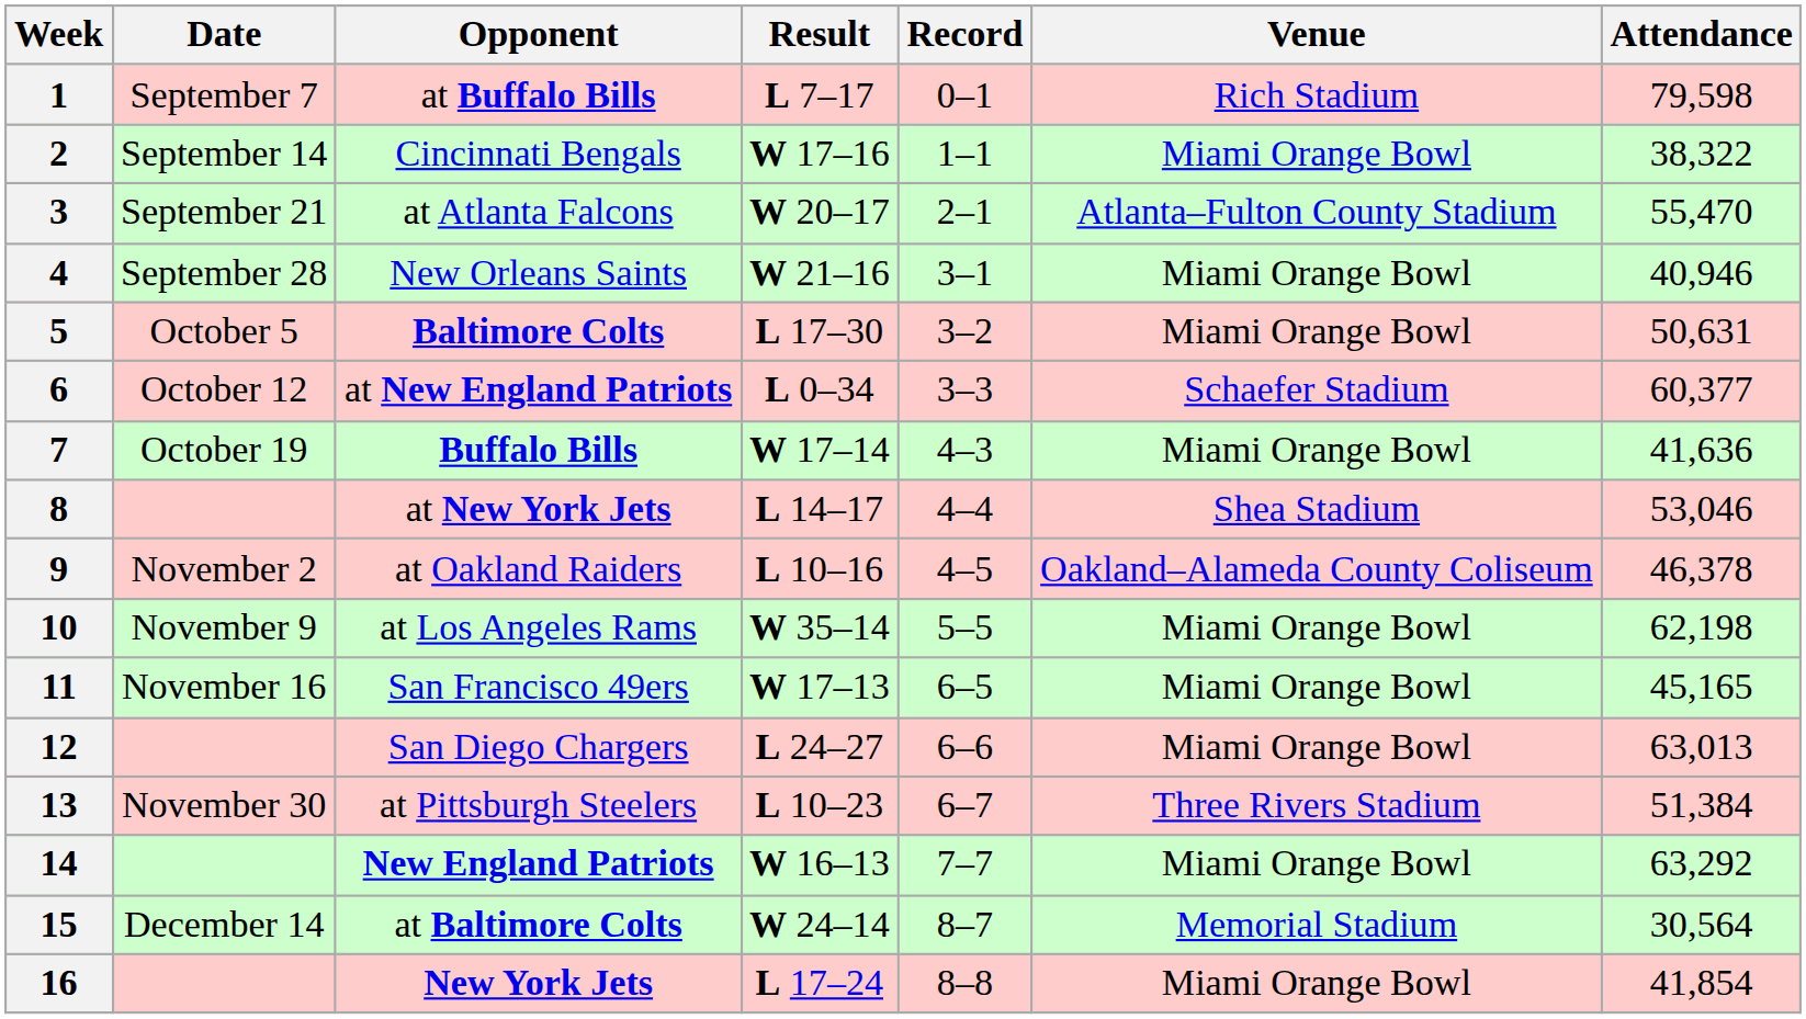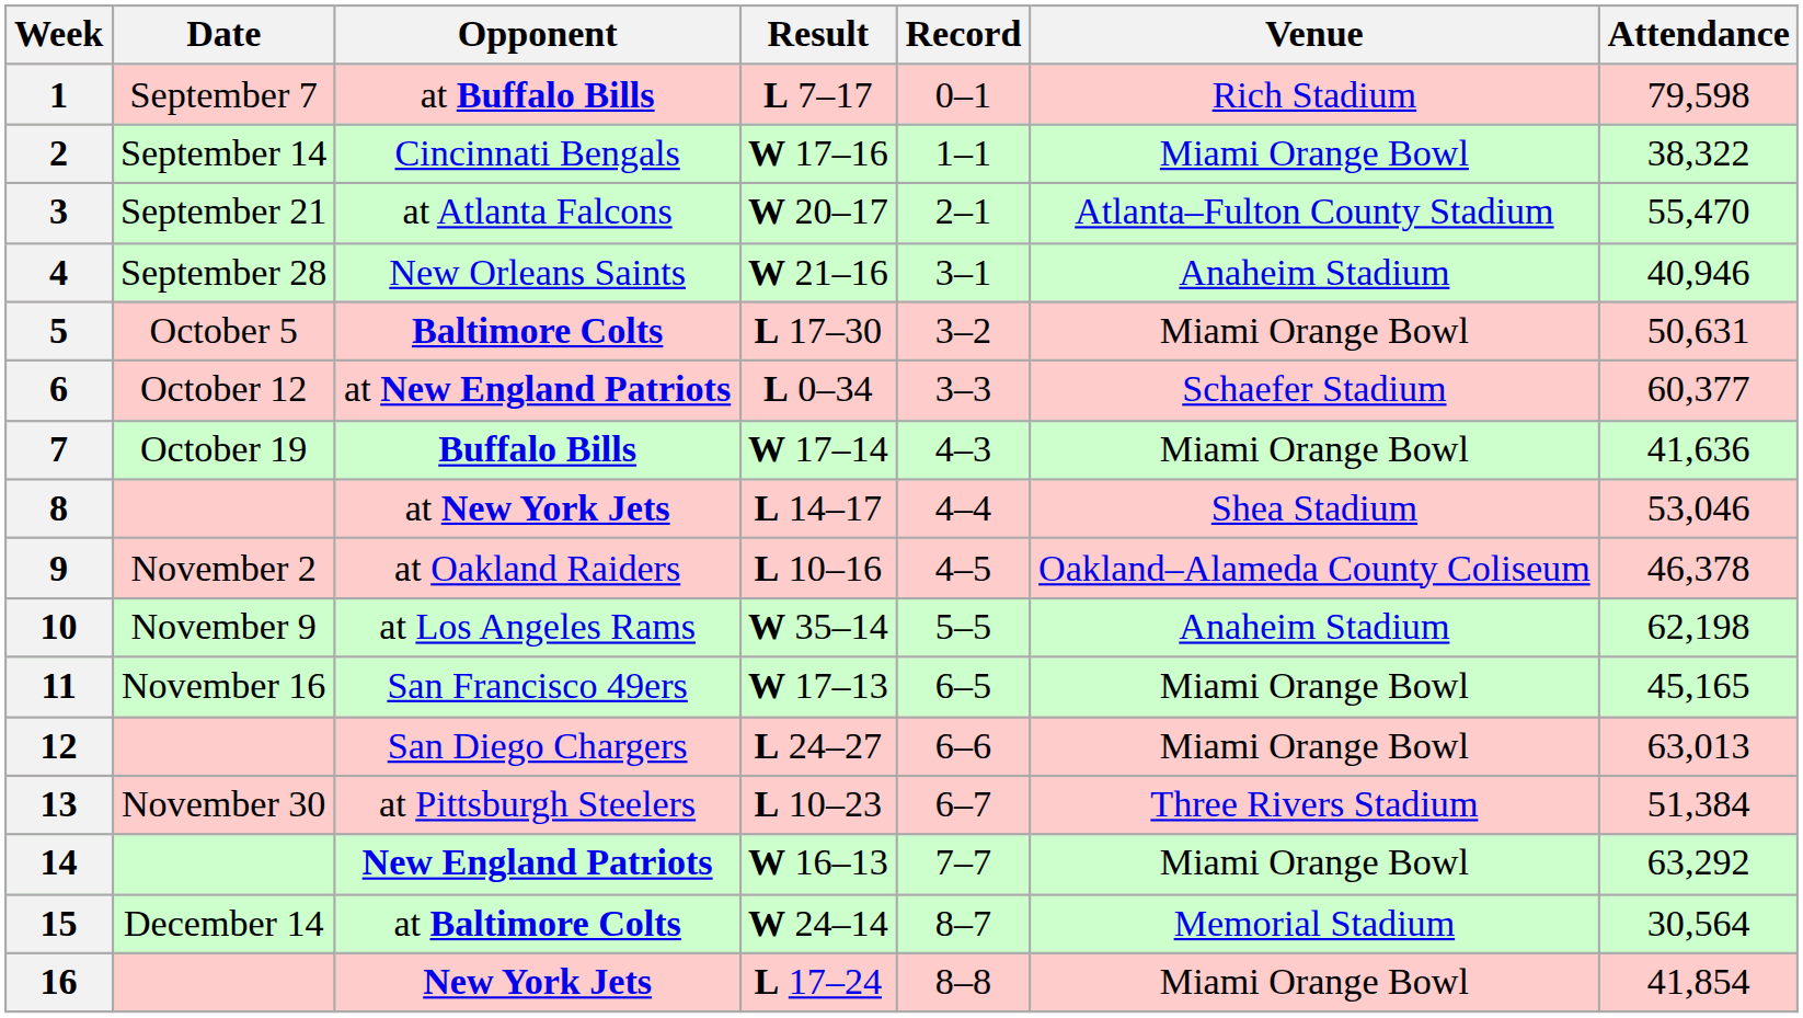 <table class="wikitable" style="text-align:center">
 <tr>
 <th>Week</th>
 <th>Date</th>
 <th>Opponent</th>
 <th>Result</th>
 <th>Record</th>
 <th>Venue</th>
 <th>Attendance</th>
 </tr>
 <tr style="background:#fcc">
 <th>1</th>
 <td>September 7</td>
 <td>at <strong><a href='#'>Buffalo Bills</a></strong></td>
 <td><strong>L</strong> 7–17</td>
 <td>0–1</td>
 <td><a href='#'>Rich Stadium</a></td>
 <td>79,598</td>
 </tr>
 <tr style="background:#cfc">
 <th>2</th>
 <td>September 14</td>
 <td><a href='#'>Cincinnati Bengals</a></td>
 <td><strong>W</strong> 17–16</td>
 <td>1–1</td>
 <td><a href='#'>Miami Orange Bowl</a></td>
 <td>38,322</td>
 </tr>
 <tr style="background:#cfc">
 <th>3</th>
 <td>September 21</td>
 <td>at <a href='#'>Atlanta Falcons</a></td>
 <td><strong>W</strong> 20–17</td>
 <td>2–1</td>
 <td><a href='#'>Atlanta–Fulton County Stadium</a></td>
 <td>55,470</td>
 </tr>
 <tr style="background:#cfc">
 <th>4</th>
 <td>September 28</td>
 <td><a href='#'>New Orleans Saints</a></td>
 <td><strong>W</strong> 21–16</td>
 <td>3–1</td>
-<td>Miami Orange Bowl</td>
+<td><a href='#'>Anaheim Stadium</a></td>
 <td>40,946</td>
 </tr>
 <tr style="background:#fcc">
 <th>5</th>
 <td>October 5</td>
 <td><strong><a href='#'>Baltimore Colts</a></strong></td>
 <td><strong>L</strong> 17–30</td>
 <td>3–2</td>
 <td>Miami Orange Bowl</td>
 <td>50,631</td>
 </tr>
 <tr style="background:#fcc">
 <th>6</th>
 <td>October 12</td>
 <td>at <strong><a href='#'>New England Patriots</a></strong></td>
 <td><strong>L</strong> 0–34</td>
 <td>3–3</td>
 <td><a href='#'>Schaefer Stadium</a></td>
 <td>60,377</td>
 </tr>
 <tr style="background:#cfc">
 <th>7</th>
 <td>October 19</td>
 <td><strong><a href='#'>Buffalo Bills</a></strong></td>
 <td><strong>W</strong> 17–14</td>
 <td>4–3</td>
 <td>Miami Orange Bowl</td>
 <td>41,636</td>
 </tr>
 <tr style="background:#fcc">
 <th>8</th>
 <td></td>
 <td>at <strong><a href='#'>New York Jets</a></strong></td>
 <td><strong>L</strong> 14–17</td>
 <td>4–4</td>
 <td><a href='#'>Shea Stadium</a></td>
 <td>53,046</td>
 </tr>
 <tr style="background:#fcc">
 <th>9</th>
 <td>November 2</td>
 <td>at <a href='#'>Oakland Raiders</a></td>
 <td><strong>L</strong> 10–16</td>
 <td>4–5</td>
 <td><a href='#'>Oakland–Alameda County Coliseum</a></td>
 <td>46,378</td>
 </tr>
 <tr style="background:#cfc">
 <th>10</th>
 <td>November 9</td>
 <td>at <a href='#'>Los Angeles Rams</a></td>
 <td><strong>W</strong> 35–14</td>
 <td>5–5</td>
-<td>Miami Orange Bowl</td>
+<td><a href='#'>Anaheim Stadium</a></td>
 <td>62,198</td>
 </tr>
 <tr style="background:#cfc">
 <th>11</th>
 <td>November 16</td>
 <td><a href='#'>San Francisco 49ers</a></td>
 <td><strong>W</strong> 17–13</td>
 <td>6–5</td>
 <td>Miami Orange Bowl</td>
 <td>45,165</td>
 </tr>
 <tr style="background:#fcc">
 <th>12</th>
 <td></td>
 <td><a href='#'>San Diego Chargers</a></td>
 <td><strong>L</strong> 24–27 </td>
 <td>6–6</td>
 <td>Miami Orange Bowl</td>
 <td>63,013</td>
 </tr>
 <tr style="background:#fcc">
 <th>13</th>
 <td>November 30</td>
 <td>at <a href='#'>Pittsburgh Steelers</a></td>
 <td><strong>L</strong> 10–23</td>
 <td>6–7</td>
 <td><a href='#'>Three Rivers Stadium</a></td>
 <td>51,384</td>
 </tr>
 <tr style="background:#cfc">
 <th>14</th>
 <td></td>
 <td><strong><a href='#'>New England Patriots</a></strong></td>
 <td><strong>W</strong> 16–13 </td>
 <td>7–7</td>
 <td>Miami Orange Bowl</td>
 <td>63,292</td>
 </tr>
 <tr style="background:#cfc">
 <th>15</th>
 <td>December 14</td>
 <td>at <strong><a href='#'>Baltimore Colts</a></strong></td>
 <td><strong>W</strong> 24–14</td>
 <td>8–7</td>
 <td><a href='#'>Memorial Stadium</a></td>
 <td>30,564</td>
 </tr>
 <tr style="background:#fcc">
 <th>16</th>
 <td></td>
 <td><strong><a href='#'>New York Jets</a></strong></td>
 <td><strong>L</strong> <a href='#'>17–24</a></td>
 <td>8–8</td>
 <td>Miami Orange Bowl</td>
 <td>41,854</td>
 </tr>
 </table>
